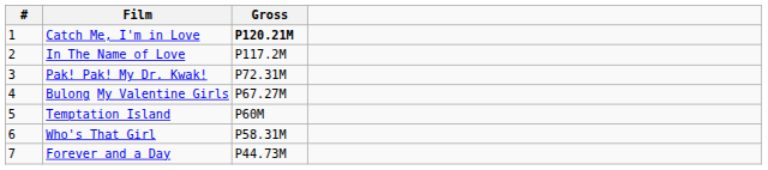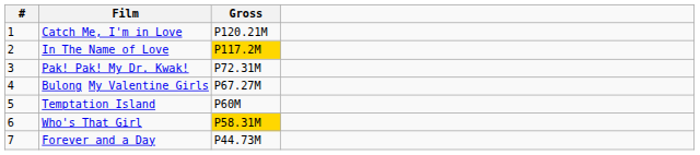 <table class="wikitable sortable">
 <tr>
 <th width="5%">#</th>
 <th width="25%">Film</th>
 <th width="10%">Gross</th>
 </tr>
 <tr>
 <td>1</td>
 <td><a href='#'>Catch Me, I'm in Love</a></td>
-<td><strong>P120.21M</strong></td>
+<td>P120.21M</td>
 <td></td>
 </tr>
 <tr>
 <td>2</td>
 <td><a href='#'>In The Name of Love</a></td>
-<td>P117.2M</td>
+<td style="background: gold;">P117.2M</td>
 <td></td>
 </tr>
 <tr>
 <td>3</td>
 <td><a href='#'>Pak! Pak! My Dr. Kwak!</a></td>
 <td>P72.31M</td>
 <td></td>
 </tr>
 <tr>
 <td>4</td>
 <td><a href='#'>Bulong</a> <a href='#'>My Valentine Girls</a></td>
 <td>P67.27M</td>
 <td></td>
 </tr>
 <tr>
 <td>5</td>
 <td><a href='#'>Temptation Island</a></td>
 <td>P60M</td>
 <td></td>
 </tr>
 <tr>
 <td>6</td>
 <td><a href='#'>Who's That Girl</a></td>
-<td>P58.31M</td>
+<td style="background: gold;">P58.31M</td>
 <td></td>
 </tr>
 <tr>
 <td>7</td>
 <td><a href='#'>Forever and a Day</a></td>
 <td>P44.73M</td>
 <td></td>
 </tr>
 </table>
